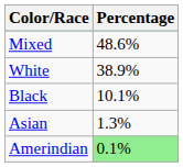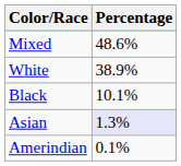 <table class="wikitable">
 <tr style="background:#009966;" colspan="2">
 <th><span>Color/Race</span></th>
 <th><span>Percentage</span></th>
 </tr>
 <tr>
 <td><a href='#'>Mixed</a></td>
 <td>48.6%</td>
 </tr>
 <tr>
 <td><a href='#'>White</a></td>
 <td>38.9%</td>
 </tr>
 <tr>
 <td><a href='#'>Black</a></td>
 <td>10.1%</td>
 </tr>
 <tr>
 <td><a href='#'>Asian</a></td>
-<td>1.3%</td>
+<td style="background: lavender;">1.3%</td>
 </tr>
 <tr>
 <td><a href='#'>Amerindian</a></td>
-<td style="background: lightgreen;">0.1%</td>
+<td>0.1%</td>
 </tr>
 </table>
